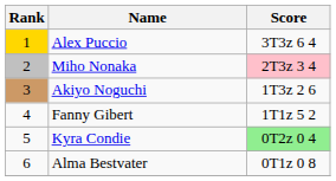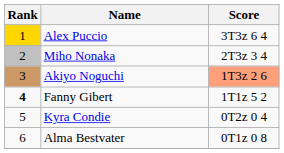 <table class="wikitable">
 <tr>
 <th>Rank</th>
 <th width = "200">Name</th>
 <th width = "80">Score</th>
 </tr>
 <tr>
 <td align="center" style="background: gold">1</td>
 <td> <a href='#'>Alex Puccio</a></td>
 <td align="center">3T3z 6 4</td>
 </tr>
 <tr>
 <td align="center" style="background: silver">2</td>
 <td> <a href='#'>Miho Nonaka</a></td>
-<td align="center" style="background: pink;">2T3z 3 4</td>
+<td align="center">2T3z 3 4</td>
 </tr>
 <tr>
 <td align="center" style="background: #cc9966">3</td>
 <td> <a href='#'>Akiyo Noguchi</a></td>
-<td align="center">1T3z 2 6</td>
+<td align="center" style="background: lightsalmon;">1T3z 2 6</td>
 </tr>
 <tr>
-<td align="center">4</td>
+<td align="center"><strong>4</strong></td>
 <td> Fanny Gibert</td>
 <td align="center">1T1z 5 2</td>
 </tr>
 <tr>
 <td align="center">5</td>
 <td> <a href='#'>Kyra Condie</a></td>
-<td align="center" style="background: lightgreen;">0T2z 0 4</td>
+<td align="center">0T2z 0 4</td>
 </tr>
 <tr>
 <td align="center">6</td>
 <td> Alma Bestvater</td>
 <td align="center">0T1z 0 8</td>
 </tr>
 <tr>
 </tr>
 </table>
